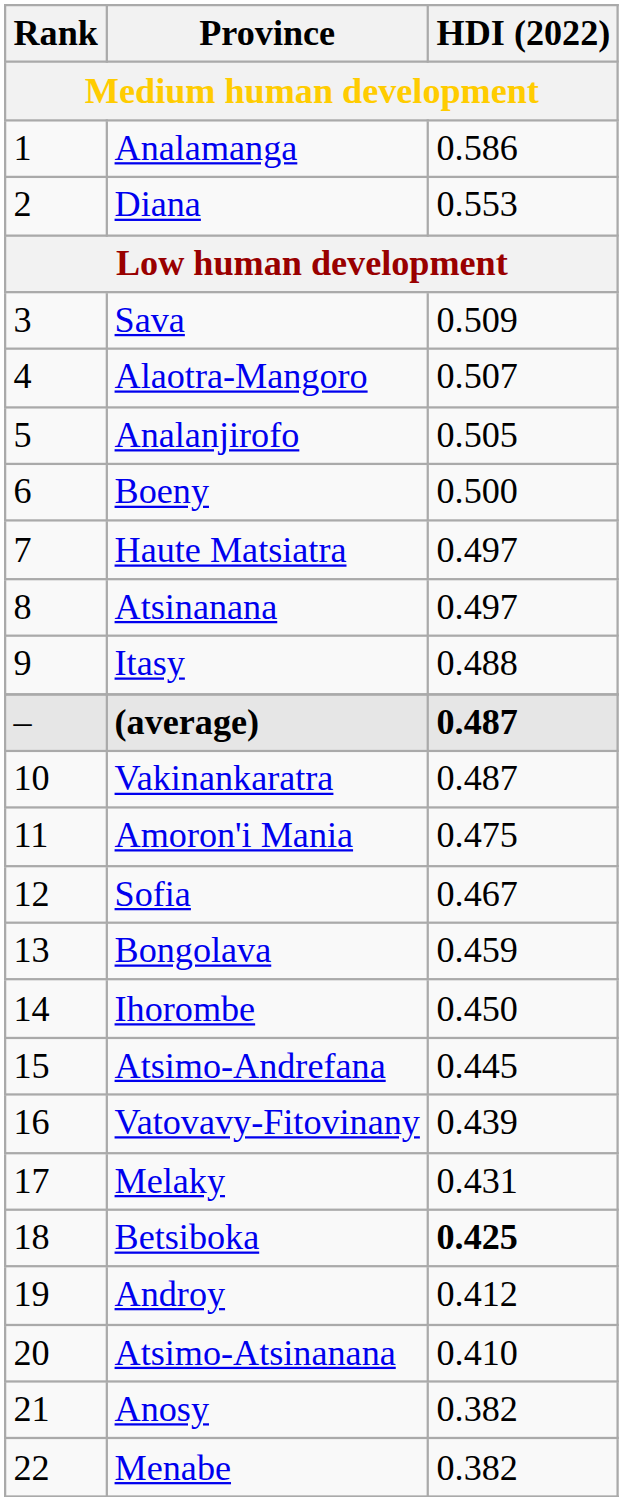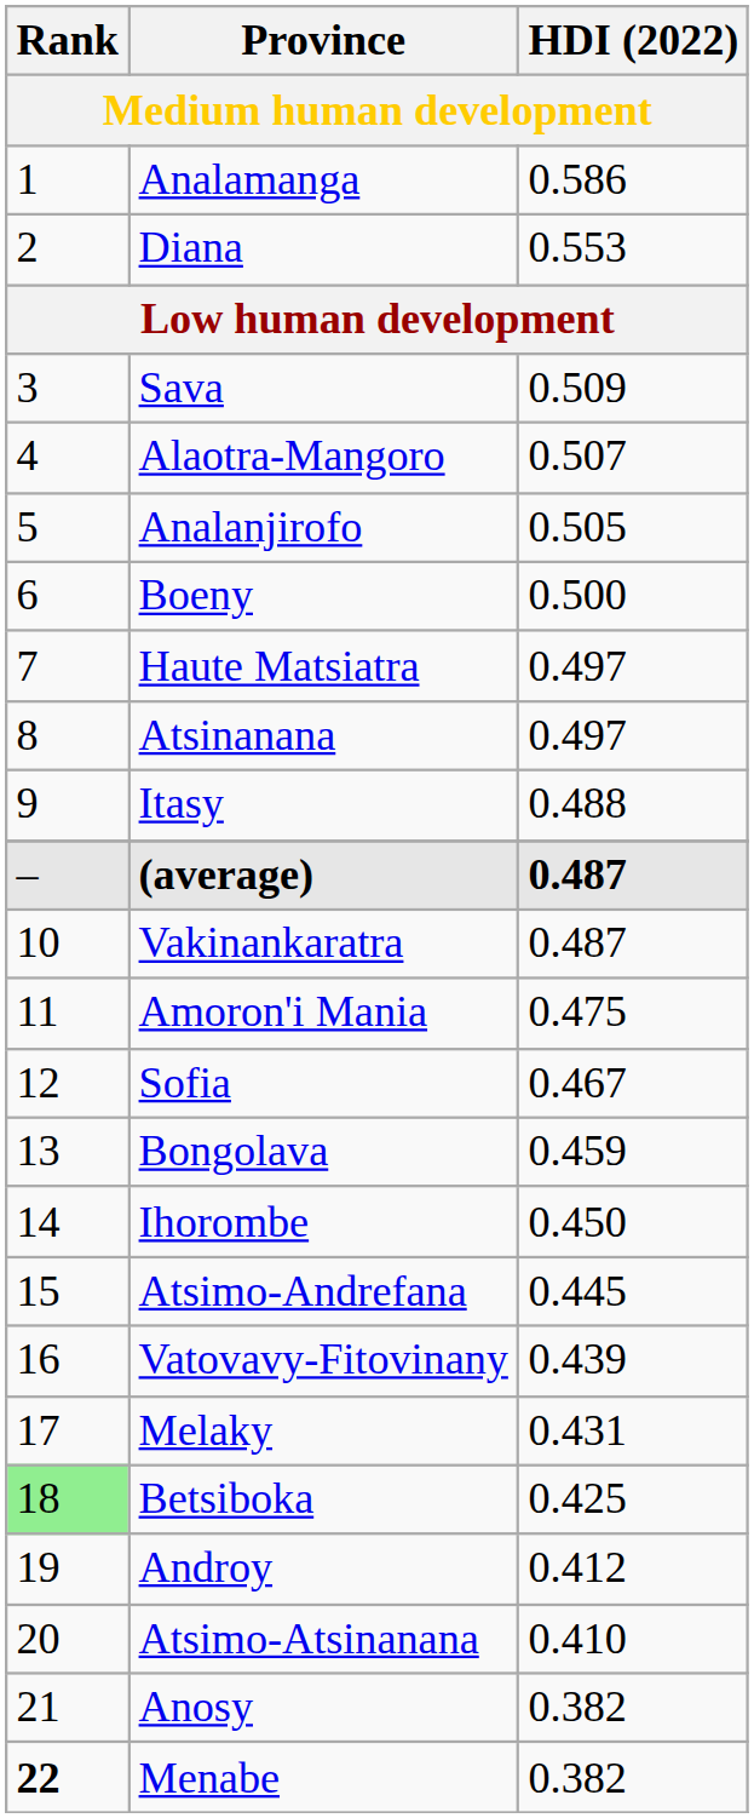 <table class="wikitable sortable">
 <tr>
 <th>Rank</th>
 <th>Province</th>
 <th>HDI (2022)</th>
 </tr>
 <tr>
 <th colspan="3" style="color:#fc0;">Medium human development</th>
 </tr>
 <tr>
 <td>1</td>
 <td><a href='#'>Analamanga</a></td>
 <td>0.586</td>
 </tr>
 <tr>
 <td>2</td>
 <td><a href='#'>Diana</a></td>
 <td>0.553</td>
 </tr>
 <tr>
 <th colspan="3" style="color:#900;">Low human development</th>
 </tr>
 <tr>
 <td>3</td>
 <td><a href='#'>Sava</a></td>
 <td>0.509</td>
 </tr>
 <tr>
 <td>4</td>
 <td><a href='#'>Alaotra-Mangoro</a></td>
 <td>0.507</td>
 </tr>
 <tr>
 <td>5</td>
 <td><a href='#'>Analanjirofo</a></td>
 <td>0.505</td>
 </tr>
 <tr>
 <td>6</td>
 <td><a href='#'>Boeny</a></td>
 <td>0.500</td>
 </tr>
 <tr>
 <td>7</td>
 <td><a href='#'>Haute Matsiatra</a></td>
 <td>0.497</td>
 </tr>
 <tr>
 <td>8</td>
 <td><a href='#'>Atsinanana</a></td>
 <td>0.497</td>
 </tr>
 <tr>
 <td>9</td>
 <td><a href='#'>Itasy</a></td>
 <td>0.488</td>
 </tr>
 <tr>
 </tr>
 <tr style="background:#e6e6e6">
 <td>–</td>
 <td><strong></strong> <strong>(average)</strong></td>
 <td><strong>0.487</strong></td>
 </tr>
 <tr>
 <td>10</td>
 <td><a href='#'>Vakinankaratra</a></td>
 <td>0.487</td>
 </tr>
 <tr>
 <td>11</td>
 <td><a href='#'>Amoron'i Mania</a></td>
 <td>0.475</td>
 </tr>
 <tr>
 <td>12</td>
 <td><a href='#'>Sofia</a></td>
 <td>0.467</td>
 </tr>
 <tr>
 <td>13</td>
 <td><a href='#'>Bongolava</a></td>
 <td>0.459</td>
 </tr>
 <tr>
 <td>14</td>
 <td><a href='#'>Ihorombe</a></td>
 <td>0.450</td>
 </tr>
 <tr>
 <td>15</td>
 <td><a href='#'>Atsimo-Andrefana</a></td>
 <td>0.445</td>
 </tr>
 <tr>
 <td>16</td>
 <td><a href='#'>Vatovavy-Fitovinany</a></td>
 <td>0.439</td>
 </tr>
 <tr>
 <td>17</td>
 <td><a href='#'>Melaky</a></td>
 <td>0.431</td>
 </tr>
 <tr>
-<td>18</td>
+<td style="background: lightgreen;">18</td>
 <td><a href='#'>Betsiboka</a></td>
-<td><strong>0.425</strong></td>
+<td>0.425</td>
 </tr>
 <tr>
 <td>19</td>
 <td><a href='#'>Androy</a></td>
 <td>0.412</td>
 </tr>
 <tr>
 <td>20</td>
 <td><a href='#'>Atsimo-Atsinanana</a></td>
 <td>0.410</td>
 </tr>
 <tr>
 <td>21</td>
 <td><a href='#'>Anosy</a></td>
 <td>0.382</td>
 </tr>
 <tr>
-<td>22</td>
+<td><strong>22</strong></td>
 <td><a href='#'>Menabe</a></td>
 <td>0.382</td>
 </tr>
 <tr>
 </tr>
 </table>
